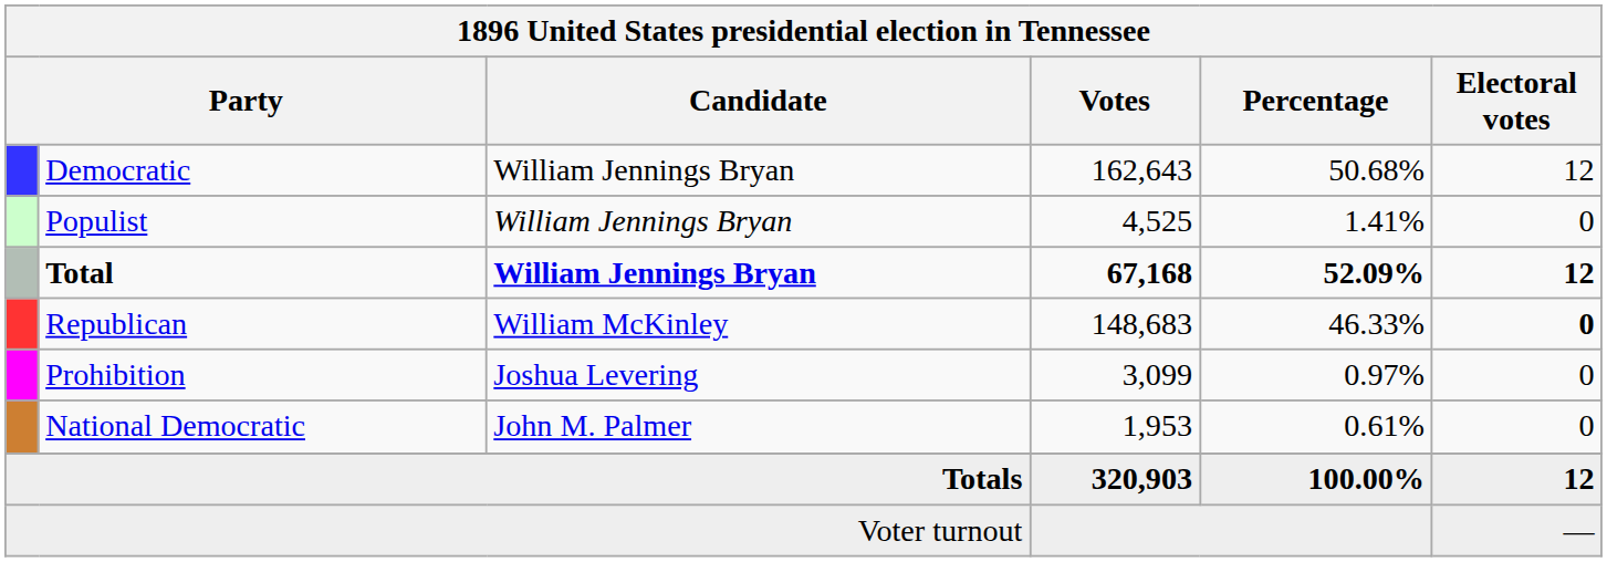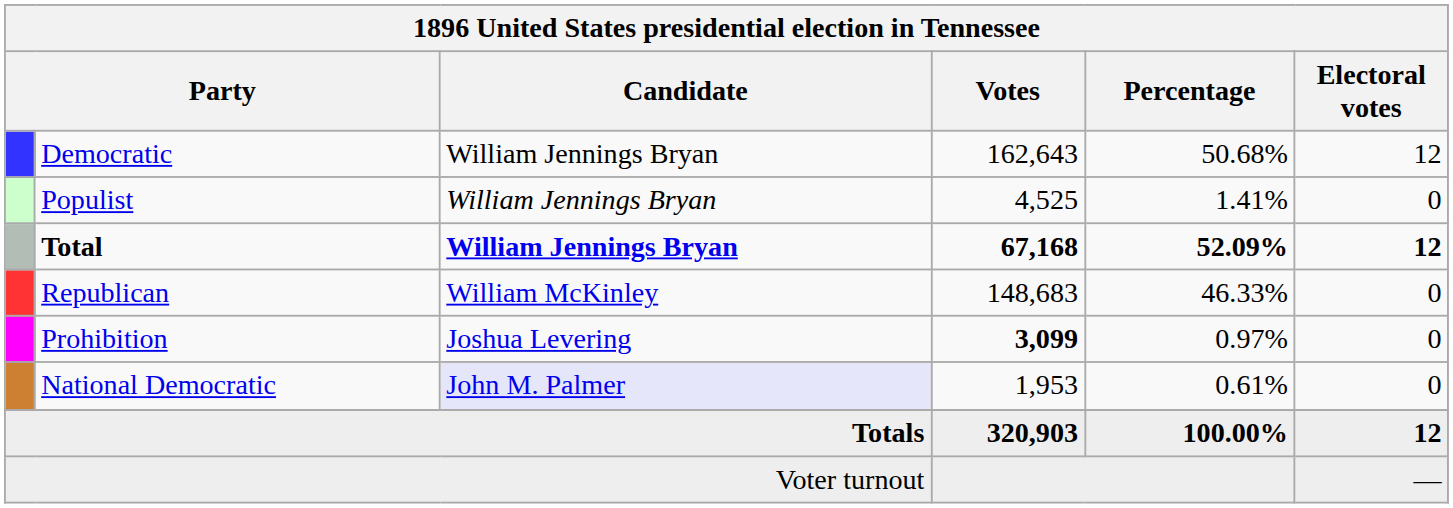 <table class="wikitable" style="font-size: 95%;">
 <tr>
 <th colspan="6">1896 United States presidential election in Tennessee</th>
 </tr>
 <tr>
 <th colspan="2" style="width: 15em">Party</th>
 <th style="width: 17em">Candidate</th>
 <th style="width: 5em">Votes</th>
 <th style="width: 7em">Percentage</th>
 <th style="width: 5em">Electoral votes</th>
 </tr>
 <tr>
 <th style="background-color:#3333FF; width: 3px"></th>
 <td style="width: 130px"><a href='#'>Democratic</a></td>
 <td>William Jennings Bryan</td>
 <td align="right">162,643</td>
 <td align="right">50.68%</td>
 <td align="right">12</td>
 </tr>
 <tr>
 <th style="background-color:#CCFFCC; width: 3px"></th>
 <td style="width: 130px"><a href='#'>Populist</a></td>
 <td><em>William Jennings Bryan</em></td>
 <td align="right">4,525</td>
 <td align="right">1.41%</td>
 <td align="right">0</td>
 </tr>
 <tr>
 <th style="background-color:#B2BEB5; width: 3px"></th>
 <td style="width: 130px"><strong> Total</strong></td>
 <td><strong><a href='#'>William Jennings Bryan</a></strong></td>
 <td align="right"><strong>67,168</strong></td>
 <td align="right"><strong>52.09%</strong></td>
 <td align="right"><strong>12</strong></td>
 </tr>
 <tr>
 <th style="background-color:#FF3333; width: 3px"></th>
 <td style="width: 130px"><a href='#'>Republican</a></td>
 <td><a href='#'>William McKinley</a></td>
 <td align="right">148,683</td>
 <td align="right">46.33%</td>
-<td align="right"><strong>0</strong></td>
+<td align="right">0</td>
 </tr>
 <tr>
 <th style="background-color:#FF00FF; width: 3px"></th>
 <td style="width: 130px"><a href='#'>Prohibition</a></td>
 <td><a href='#'>Joshua Levering</a></td>
-<td align="right">3,099</td>
+<td align="right"><strong>3,099</strong></td>
 <td align="right">0.97%</td>
 <td align="right">0</td>
 </tr>
 <tr>
 <th style="background-color:#CD7F32; width: 3px"></th>
 <td style="width: 130px"><a href='#'>National Democratic</a></td>
-<td><a href='#'>John M. Palmer</a></td>
+<td style="background: lavender;"><a href='#'>John M. Palmer</a></td>
 <td align="right">1,953</td>
 <td align="right">0.61%</td>
 <td align="right">0</td>
 </tr>
 <tr>
 </tr>
 <tr bgcolor="#EEEEEE">
 <td colspan="3" align="right"><strong>Totals</strong></td>
 <td align="right"><strong>320,903</strong></td>
 <td align="right"><strong>100.00%</strong></td>
 <td align="right"><strong>12</strong></td>
 </tr>
 <tr bgcolor="#EEEEEE">
 <td colspan="3" align="right">Voter turnout</td>
 <td colspan="2" align="right"></td>
 <td align="right">—</td>
 </tr>
 </table>
